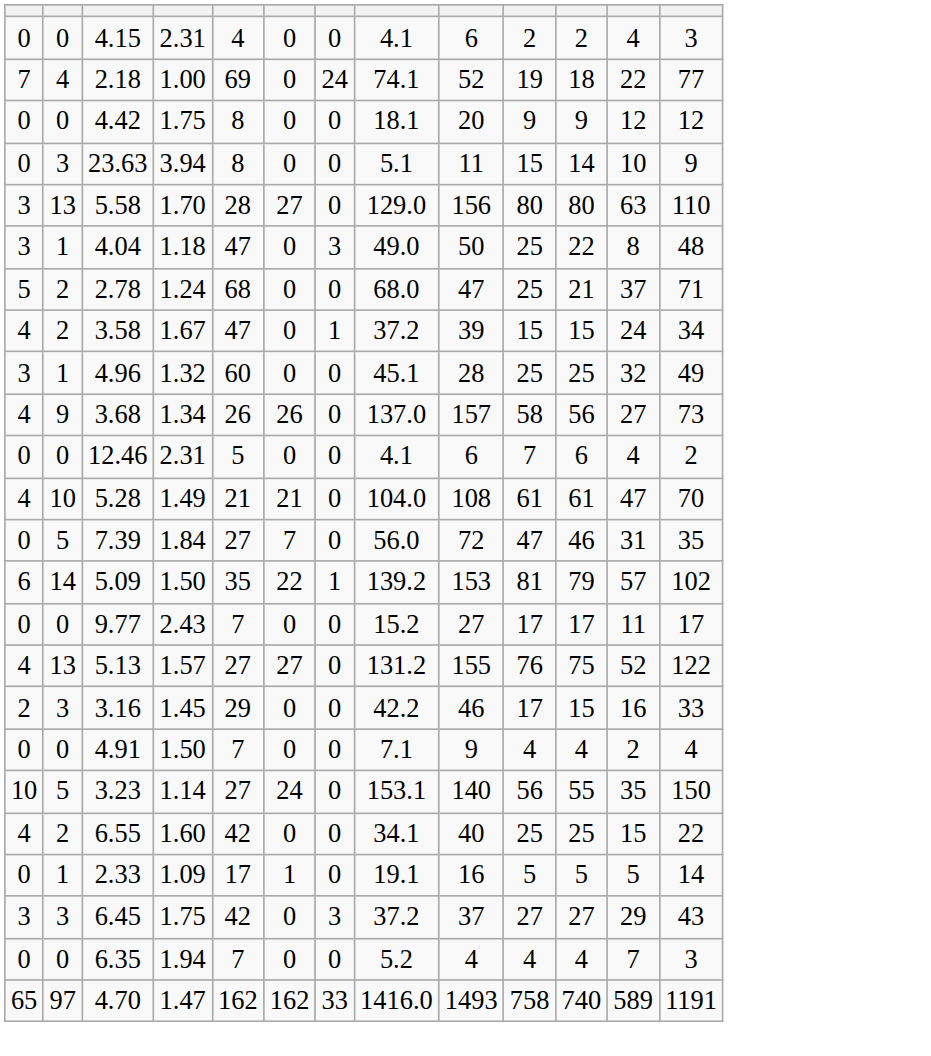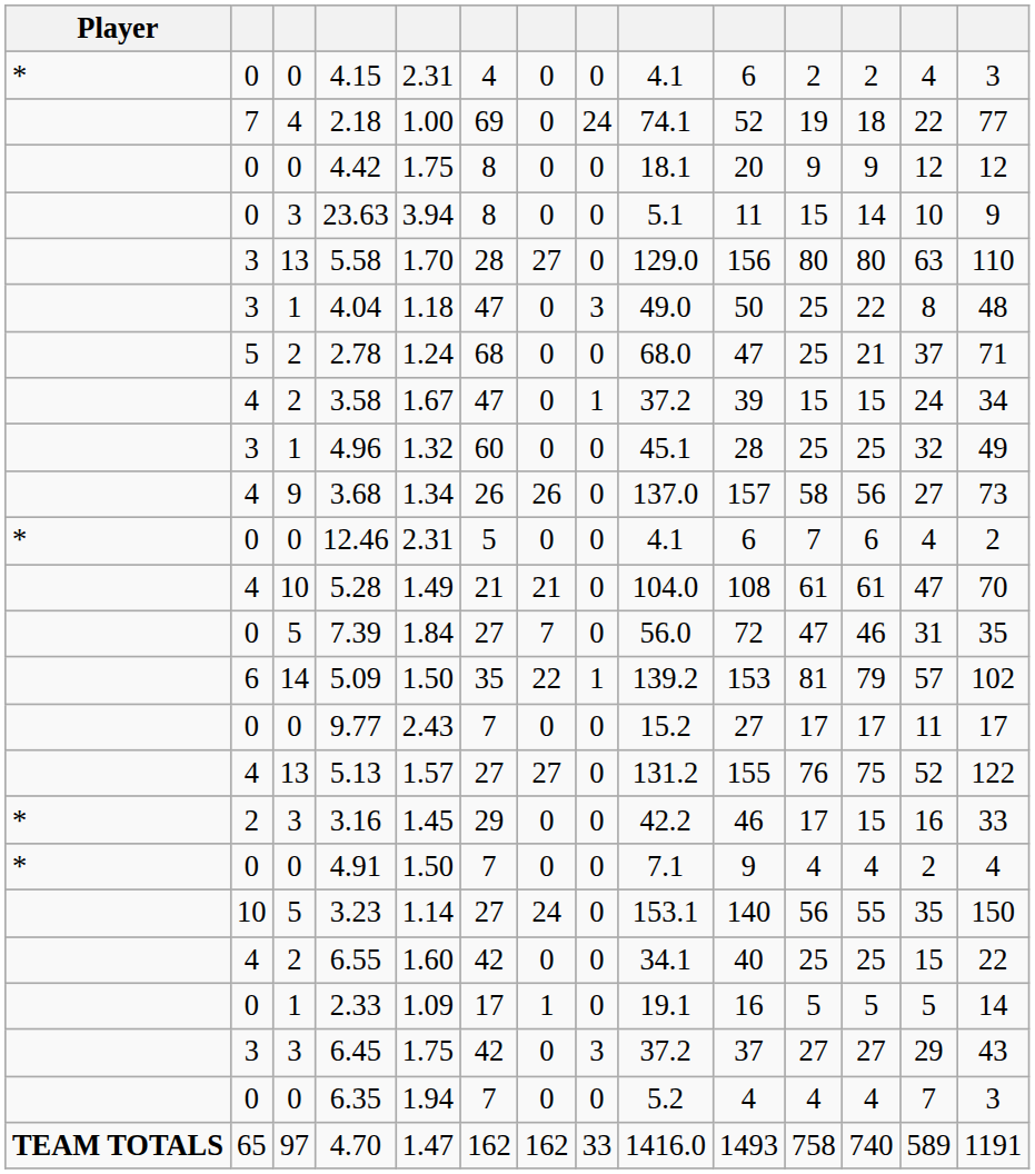 <table class="wikitable sortable" style="text-align:center;">
 <tr>
+<th>Player</th>
 <th></th>
 <th></th>
 <th></th>
 <th></th>
 <th></th>
 <th></th>
 <th></th>
 <th></th>
 <th></th>
 <th></th>
 <th></th>
 <th></th>
 <th></th>
 </tr>
 <tr>
+<td align=left> *</td>
 <td>0</td>
 <td>0</td>
 <td>4.15</td>
 <td>2.31</td>
 <td>4</td>
 <td>0</td>
 <td>0</td>
 <td>4.1</td>
 <td>6</td>
 <td>2</td>
 <td>2</td>
 <td>4</td>
 <td>3</td>
 </tr>
 <tr>
+<td align=left></td>
 <td>7</td>
 <td>4</td>
 <td>2.18</td>
 <td>1.00</td>
 <td>69</td>
 <td>0</td>
 <td>24</td>
 <td>74.1</td>
 <td>52</td>
 <td>19</td>
 <td>18</td>
 <td>22</td>
 <td>77</td>
 </tr>
 <tr>
+<td align=left></td>
 <td>0</td>
 <td>0</td>
 <td>4.42</td>
 <td>1.75</td>
 <td>8</td>
 <td>0</td>
 <td>0</td>
 <td>18.1</td>
 <td>20</td>
 <td>9</td>
 <td>9</td>
 <td>12</td>
 <td>12</td>
 </tr>
 <tr>
+<td align=left></td>
 <td>0</td>
 <td>3</td>
 <td>23.63</td>
 <td>3.94</td>
 <td>8</td>
 <td>0</td>
 <td>0</td>
 <td>5.1</td>
 <td>11</td>
 <td>15</td>
 <td>14</td>
 <td>10</td>
 <td>9</td>
 </tr>
 <tr>
+<td align=left></td>
 <td>3</td>
 <td>13</td>
 <td>5.58</td>
 <td>1.70</td>
 <td>28</td>
 <td>27</td>
 <td>0</td>
 <td>129.0</td>
 <td>156</td>
 <td>80</td>
 <td>80</td>
 <td>63</td>
 <td>110</td>
 </tr>
 <tr>
+<td align=left></td>
 <td>3</td>
 <td>1</td>
 <td>4.04</td>
 <td>1.18</td>
 <td>47</td>
 <td>0</td>
 <td>3</td>
 <td>49.0</td>
 <td>50</td>
 <td>25</td>
 <td>22</td>
 <td>8</td>
 <td>48</td>
 </tr>
 <tr>
+<td align=left></td>
 <td>5</td>
 <td>2</td>
 <td>2.78</td>
 <td>1.24</td>
 <td>68</td>
 <td>0</td>
 <td>0</td>
 <td>68.0</td>
 <td>47</td>
 <td>25</td>
 <td>21</td>
 <td>37</td>
 <td>71</td>
 </tr>
 <tr>
+<td align=left></td>
 <td>4</td>
 <td>2</td>
 <td>3.58</td>
 <td>1.67</td>
 <td>47</td>
 <td>0</td>
 <td>1</td>
 <td>37.2</td>
 <td>39</td>
 <td>15</td>
 <td>15</td>
 <td>24</td>
 <td>34</td>
 </tr>
 <tr>
+<td align=left></td>
 <td>3</td>
 <td>1</td>
 <td>4.96</td>
 <td>1.32</td>
 <td>60</td>
 <td>0</td>
 <td>0</td>
 <td>45.1</td>
 <td>28</td>
 <td>25</td>
 <td>25</td>
 <td>32</td>
 <td>49</td>
 </tr>
 <tr>
+<td align=left></td>
 <td>4</td>
 <td>9</td>
 <td>3.68</td>
 <td>1.34</td>
 <td>26</td>
 <td>26</td>
 <td>0</td>
 <td>137.0</td>
 <td>157</td>
 <td>58</td>
 <td>56</td>
 <td>27</td>
 <td>73</td>
 </tr>
 <tr>
+<td align=left> *</td>
 <td>0</td>
 <td>0</td>
 <td>12.46</td>
 <td>2.31</td>
 <td>5</td>
 <td>0</td>
 <td>0</td>
 <td>4.1</td>
 <td>6</td>
 <td>7</td>
 <td>6</td>
 <td>4</td>
 <td>2</td>
 </tr>
 <tr>
+<td align=left></td>
 <td>4</td>
 <td>10</td>
 <td>5.28</td>
 <td>1.49</td>
 <td>21</td>
 <td>21</td>
 <td>0</td>
 <td>104.0</td>
 <td>108</td>
 <td>61</td>
 <td>61</td>
 <td>47</td>
 <td>70</td>
 </tr>
 <tr>
+<td align=left></td>
 <td>0</td>
 <td>5</td>
 <td>7.39</td>
 <td>1.84</td>
 <td>27</td>
 <td>7</td>
 <td>0</td>
 <td>56.0</td>
 <td>72</td>
 <td>47</td>
 <td>46</td>
 <td>31</td>
 <td>35</td>
 </tr>
 <tr>
+<td align=left></td>
 <td>6</td>
 <td>14</td>
 <td>5.09</td>
 <td>1.50</td>
 <td>35</td>
 <td>22</td>
 <td>1</td>
 <td>139.2</td>
 <td>153</td>
 <td>81</td>
 <td>79</td>
 <td>57</td>
 <td>102</td>
 </tr>
 <tr>
+<td align=left></td>
 <td>0</td>
 <td>0</td>
 <td>9.77</td>
 <td>2.43</td>
 <td>7</td>
 <td>0</td>
 <td>0</td>
 <td>15.2</td>
 <td>27</td>
 <td>17</td>
 <td>17</td>
 <td>11</td>
 <td>17</td>
 </tr>
 <tr>
+<td align=left></td>
 <td>4</td>
 <td>13</td>
 <td>5.13</td>
 <td>1.57</td>
 <td>27</td>
 <td>27</td>
 <td>0</td>
 <td>131.2</td>
 <td>155</td>
 <td>76</td>
 <td>75</td>
 <td>52</td>
 <td>122</td>
 </tr>
 <tr>
+<td align=left> *</td>
 <td>2</td>
 <td>3</td>
 <td>3.16</td>
 <td>1.45</td>
 <td>29</td>
 <td>0</td>
 <td>0</td>
 <td>42.2</td>
 <td>46</td>
 <td>17</td>
 <td>15</td>
 <td>16</td>
 <td>33</td>
 </tr>
 <tr>
+<td align=left> *</td>
 <td>0</td>
 <td>0</td>
 <td>4.91</td>
 <td>1.50</td>
 <td>7</td>
 <td>0</td>
 <td>0</td>
 <td>7.1</td>
 <td>9</td>
 <td>4</td>
 <td>4</td>
 <td>2</td>
 <td>4</td>
 </tr>
 <tr>
+<td align=left></td>
 <td>10</td>
 <td>5</td>
 <td>3.23</td>
 <td>1.14</td>
 <td>27</td>
 <td>24</td>
 <td>0</td>
 <td>153.1</td>
 <td>140</td>
 <td>56</td>
 <td>55</td>
 <td>35</td>
 <td>150</td>
 </tr>
 <tr>
+<td align=left></td>
 <td>4</td>
 <td>2</td>
 <td>6.55</td>
 <td>1.60</td>
 <td>42</td>
 <td>0</td>
 <td>0</td>
 <td>34.1</td>
 <td>40</td>
 <td>25</td>
 <td>25</td>
 <td>15</td>
 <td>22</td>
 </tr>
 <tr>
+<td align=left></td>
 <td>0</td>
 <td>1</td>
 <td>2.33</td>
 <td>1.09</td>
 <td>17</td>
 <td>1</td>
 <td>0</td>
 <td>19.1</td>
 <td>16</td>
 <td>5</td>
 <td>5</td>
 <td>5</td>
 <td>14</td>
 </tr>
 <tr>
+<td align=left></td>
 <td>3</td>
 <td>3</td>
 <td>6.45</td>
 <td>1.75</td>
 <td>42</td>
 <td>0</td>
 <td>3</td>
 <td>37.2</td>
 <td>37</td>
 <td>27</td>
 <td>27</td>
 <td>29</td>
 <td>43</td>
 </tr>
 <tr>
+<td align=left></td>
 <td>0</td>
 <td>0</td>
 <td>6.35</td>
 <td>1.94</td>
 <td>7</td>
 <td>0</td>
 <td>0</td>
 <td>5.2</td>
 <td>4</td>
 <td>4</td>
 <td>4</td>
 <td>7</td>
 <td>3</td>
 </tr>
 <tr class="sortbottom">
+<td align="left"><strong>TEAM TOTALS</strong></td>
 <td>65</td>
 <td>97</td>
 <td>4.70</td>
 <td>1.47</td>
 <td>162</td>
 <td>162</td>
 <td>33</td>
 <td>1416.0</td>
 <td>1493</td>
 <td>758</td>
 <td>740</td>
 <td>589</td>
 <td>1191</td>
 </tr>
 </table>
